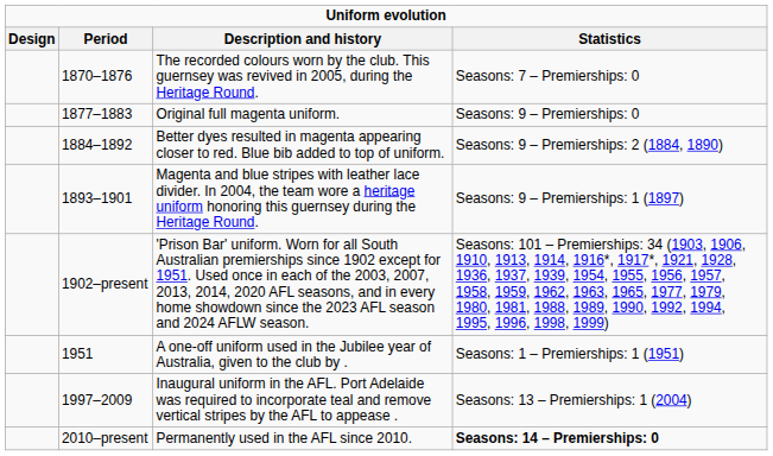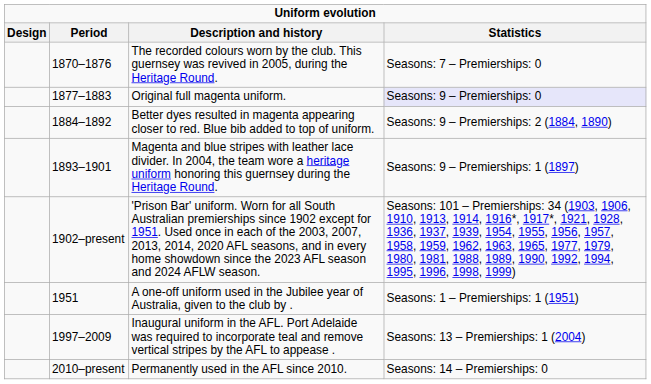 <table class="wikitable mw-collapsible">
 <tr>
 <td ! colspan="4" style="text-align: center"><strong>Uniform evolution</strong></td>
 </tr>
 <tr>
 <th>Design</th>
 <th width=100px>Period</th>
 <th>Description and history</th>
 <th>Statistics</th>
 </tr>
 <tr>
 <td></td>
 <td>1870–1876</td>
 <td>The recorded colours worn by the club. This guernsey was revived in 2005, during the <a href='#'>Heritage Round</a>.</td>
 <td>Seasons: 7 – Premierships: 0</td>
 </tr>
 <tr>
 <td></td>
 <td>1877–1883</td>
 <td>Original full magenta uniform.</td>
-<td>Seasons: 9 – Premierships: 0</td>
+<td style="background: lavender;">Seasons: 9 – Premierships: 0</td>
 </tr>
 <tr>
 <td></td>
 <td>1884–1892</td>
 <td>Better dyes resulted in magenta appearing closer to red. Blue bib added to top of uniform.</td>
 <td>Seasons: 9 – Premierships: 2 (<a href='#'>1884</a>, <a href='#'>1890</a>)</td>
 </tr>
 <tr>
 <td></td>
 <td>1893–1901</td>
 <td>Magenta and blue stripes with leather lace divider. In 2004, the team wore a <a href='#'>heritage uniform</a> honoring this guernsey during the <a href='#'>Heritage Round</a>.</td>
 <td>Seasons: 9 – Premierships: 1 (<a href='#'>1897</a>)</td>
 </tr>
 <tr>
 <td></td>
 <td>1902–present</td>
 <td>'Prison Bar' uniform. Worn for all South Australian premierships since 1902 except for <a href='#'>1951</a>. Used once in each of the 2003, 2007, 2013, 2014, 2020 AFL seasons, and in every home showdown since the 2023 AFL season and 2024 AFLW season.</td>
 <td>Seasons: 101 – Premierships: 34 (<a href='#'>1903</a>, <a href='#'>1906</a>, <a href='#'>1910</a>, <a href='#'>1913</a>, <a href='#'>1914</a>, <a href='#'>1916</a>*, <a href='#'>1917</a>*, <a href='#'>1921</a>, <a href='#'>1928</a>, <a href='#'>1936</a>, <a href='#'>1937</a>, <a href='#'>1939</a>, <a href='#'>1954</a>, <a href='#'>1955</a>, <a href='#'>1956</a>, <a href='#'>1957</a>, <a href='#'>1958</a>, <a href='#'>1959</a>, <a href='#'>1962</a>, <a href='#'>1963</a>, <a href='#'>1965</a>, <a href='#'>1977</a>, <a href='#'>1979</a>, <a href='#'>1980</a>, <a href='#'>1981</a>, <a href='#'>1988</a>, <a href='#'>1989</a>, <a href='#'>1990</a>, <a href='#'>1992</a>, <a href='#'>1994</a>, <a href='#'>1995</a>, <a href='#'>1996</a>, <a href='#'>1998</a>, <a href='#'>1999</a>)</td>
 </tr>
 <tr>
 <td></td>
 <td>1951</td>
 <td>A one-off uniform used in the Jubilee year of Australia, given to the club by .</td>
 <td>Seasons: 1 – Premierships: 1 (<a href='#'>1951</a>)</td>
 </tr>
 <tr>
 <td></td>
 <td>1997–2009</td>
 <td>Inaugural uniform in the AFL. Port Adelaide was required to incorporate teal and remove vertical stripes by the AFL to appease .</td>
 <td>Seasons: 13 – Premierships: 1 (<a href='#'>2004</a>)</td>
 </tr>
 <tr>
 <td></td>
 <td>2010–present</td>
 <td>Permanently used in the AFL since 2010.</td>
-<td><strong>Seasons: 14 – Premierships: 0</strong></td>
+<td>Seasons: 14 – Premierships: 0</td>
 </tr>
 </table>
